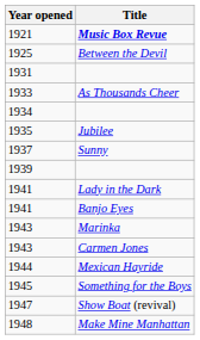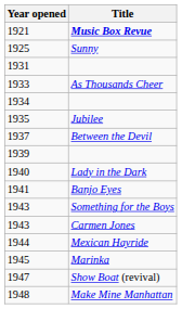 <table class="wikitable sortable">
 <tr>
 <th>Year opened</th>
 <th>Title</th>
 </tr>
 <tr>
 <td>1921</td>
 <td><strong><em><a href='#'>Music Box Revue</a></em></strong></td>
 </tr>
 <tr>
 <td>1925</td>
-<td><em><a href='#'>Between the Devil</a></em></td>
+<td><em><a href='#'>Sunny</a></em></td>
 </tr>
 <tr>
 <td>1931</td>
 <td><em></em></td>
 </tr>
 <tr>
 <td>1933</td>
 <td><em><a href='#'>As Thousands Cheer</a></em></td>
 </tr>
 <tr>
 <td>1934</td>
 <td><em></em></td>
 </tr>
 <tr>
 <td>1935</td>
 <td><em><a href='#'>Jubilee</a></em></td>
 </tr>
 <tr>
 <td>1937</td>
-<td><em><a href='#'>Sunny</a></em></td>
+<td><em><a href='#'>Between the Devil</a></em></td>
 </tr>
 <tr>
 <td>1939</td>
 <td><em></em></td>
 </tr>
 <tr>
-<td>1941</td>
+<td>1940</td>
 <td><em><a href='#'>Lady in the Dark</a></em></td>
 </tr>
 <tr>
 <td>1941</td>
 <td><em><a href='#'>Banjo Eyes</a></em></td>
 </tr>
 <tr>
 <td>1943</td>
-<td><em><a href='#'>Marinka</a></em></td>
+<td><em><a href='#'>Something for the Boys</a></em></td>
 </tr>
 <tr>
 <td>1943</td>
 <td><em><a href='#'>Carmen Jones</a></em></td>
 </tr>
 <tr>
 <td>1944</td>
 <td><em><a href='#'>Mexican Hayride</a></em></td>
 </tr>
 <tr>
 <td>1945</td>
-<td><em><a href='#'>Something for the Boys</a></em></td>
+<td><em><a href='#'>Marinka</a></em></td>
 </tr>
 <tr>
 <td>1947</td>
 <td><em><a href='#'>Show Boat</a></em> (revival)</td>
 </tr>
 <tr>
 <td>1948</td>
 <td><em><a href='#'>Make Mine Manhattan</a></em></td>
 </tr>
 </table>
